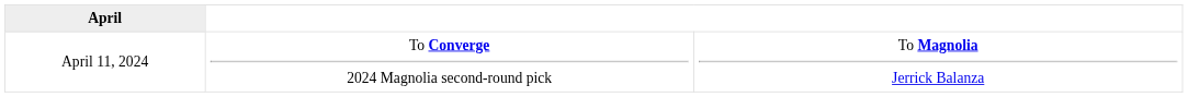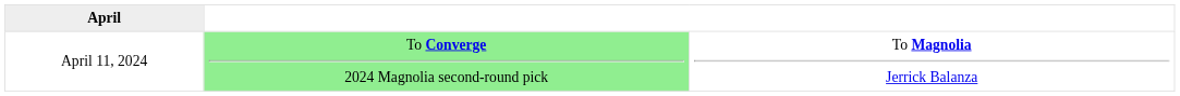 <table border=1 style="border-collapse:collapse; text-align: center; width: 100%" bordercolor="#DFDFDF"  cellpadding="5">
 <tr bgcolor="eeeeee">
 <th>April</th>
 </tr>
 <tr>
 <td style="width:12%">April 11, 2024</td>
-<td style="width:29.3%" valign="top">To <strong><a href='#'>Converge</a></strong><hr>2024 Magnolia second-round pick</td>
+<td style="background: lightgreen; width:29.3%" valign="top">To <strong><a href='#'>Converge</a></strong><hr>2024 Magnolia second-round pick</td>
 <td style="width:29.3%" valign="top">To <strong><a href='#'>Magnolia</a></strong><hr><a href='#'>Jerrick Balanza</a></td>
 </tr>
 </table>
